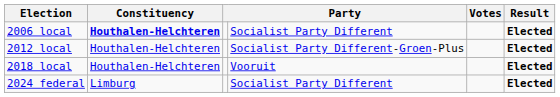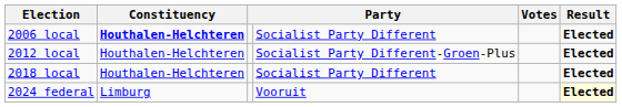 <table class="wikitable" style="text-align:left;">
 <tr>
 <th scope=col>Election</th>
 <th scope=col>Constituency</th>
 <th scope=col colspan="2">Party</th>
 <th scope=col>Votes</th>
 <th scope=col>Result</th>
 </tr>
 <tr>
 <td><a href='#'>2006 local</a></td>
 <td><strong><a href='#'>Houthalen-Helchteren</a></strong></td>
 <td style="background:"></td>
 <td><a href='#'>Socialist Party Different</a></td>
 <td align=right></td>
 <td><strong>Elected</strong></td>
 </tr>
 <tr>
 <td><a href='#'>2012 local</a></td>
 <td><a href='#'>Houthalen-Helchteren</a></td>
 <td></td>
 <td><a href='#'>Socialist Party Different</a>-<a href='#'>Groen</a>-Plus</td>
 <td align=right></td>
 <td><strong>Elected</strong></td>
 </tr>
 <tr>
 <td><a href='#'>2018 local</a></td>
 <td><a href='#'>Houthalen-Helchteren</a></td>
 <td style="background:"></td>
-<td><a href='#'>Vooruit</a></td>
+<td><a href='#'>Socialist Party Different</a></td>
 <td align=right></td>
 <td><strong>Elected</strong></td>
 </tr>
 <tr>
 <td><a href='#'>2024 federal</a></td>
 <td><a href='#'>Limburg</a></td>
 <td style="background:"></td>
-<td><a href='#'>Socialist Party Different</a></td>
+<td><a href='#'>Vooruit</a></td>
 <td align=right></td>
-<td><strong>Elected</strong></td>
+<td style="background: lightyellow;"><strong>Elected</strong></td>
 </tr>
 </table>
